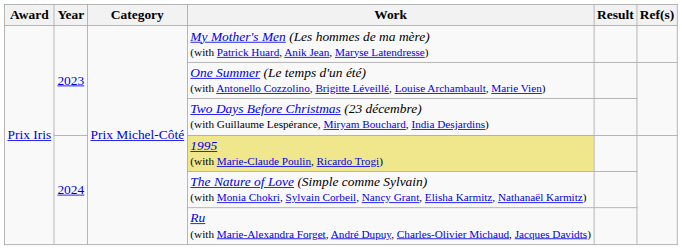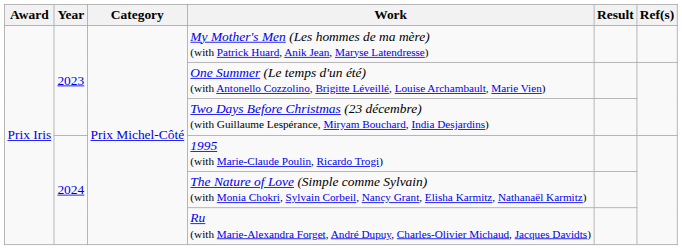 <table class="wikitable plainrowheaders sortable">
 <tr>
 <th>Award</th>
 <th>Year</th>
 <th>Category</th>
 <th>Work</th>
 <th>Result</th>
 <th>Ref(s)</th>
 </tr>
 <tr>
 <td rowspan=6><a href='#'>Prix Iris</a></td>
 <td rowspan=3><a href='#'>2023</a></td>
 <td rowspan=6><a href='#'>Prix Michel-Côté</a></td>
 <td><em><a href='#'>My Mother's Men</a> (Les hommes de ma mère)</em><br><small>(with <a href='#'>Patrick Huard</a>, <a href='#'>Anik Jean</a>, <a href='#'>Maryse Latendresse</a>)</small></td>
 <td></td>
 <td></td>
 </tr>
 <tr>
 <td><em><a href='#'>One Summer</a> (Le temps d'un été)</em><br><small>(with <a href='#'>Antonello Cozzolino</a>, <a href='#'>Brigitte Léveillé</a>, <a href='#'>Louise Archambault</a>, <a href='#'>Marie Vien</a>)</small></td>
 <td></td>
 <td rowspan=2></td>
 </tr>
 <tr>
 <td><em><a href='#'>Two Days Before Christmas</a> (23 décembre)</em><br><small>(with Guillaume Lespérance, <a href='#'>Miryam Bouchard</a>, <a href='#'>India Desjardins</a>)</small></td>
 <td></td>
 </tr>
 <tr>
 <td rowspan=3><a href='#'>2024</a></td>
-<td style="background: khaki;"><em><a href='#'>1995</a></em><br><small>(with <a href='#'>Marie-Claude Poulin</a>, <a href='#'>Ricardo Trogi</a>)</small></td>
+<td><em><a href='#'>1995</a></em><br><small>(with <a href='#'>Marie-Claude Poulin</a>, <a href='#'>Ricardo Trogi</a>)</small></td>
 <td></td>
 <td rowspan=3></td>
 </tr>
 <tr>
 <td><em><a href='#'>The Nature of Love</a> (Simple comme Sylvain)</em><br><small>(with <a href='#'>Monia Chokri</a>, <a href='#'>Sylvain Corbeil</a>, <a href='#'>Nancy Grant</a>, <a href='#'>Elisha Karmitz</a>, <a href='#'>Nathanaël Karmitz</a>)</small></td>
 <td></td>
 </tr>
 <tr>
 <td><em><a href='#'>Ru</a></em><br><small>(with <a href='#'>Marie-Alexandra Forget</a>, <a href='#'>André Dupuy</a>, <a href='#'>Charles-Olivier Michaud</a>, <a href='#'>Jacques Davidts</a>)</small></td>
 <td></td>
 </tr>
 </table>
